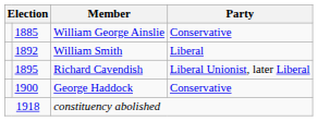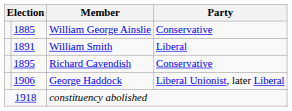 <table class="wikitable">
 <tr>
 <th colspan="2">Election</th>
 <th>Member</th>
 <th>Party</th>
 </tr>
 <tr>
 <td style="color:inherit;background-color: "></td>
 <td><a href='#'>1885</a></td>
 <td><a href='#'>William George Ainslie</a></td>
 <td><a href='#'>Conservative</a></td>
 </tr>
 <tr>
 <td style="color:inherit;background-color: "></td>
-<td><a href='#'>1892</a></td>
+<td><a href='#'>1891</a></td>
 <td><a href='#'>William Smith</a></td>
 <td><a href='#'>Liberal</a></td>
 </tr>
 <tr>
 <td style="color:inherit;background-color: "></td>
 <td><a href='#'>1895</a></td>
 <td><a href='#'>Richard Cavendish</a></td>
-<td><a href='#'>Liberal Unionist</a>, later <a href='#'>Liberal</a></td>
+<td><a href='#'>Conservative</a></td>
 </tr>
 <tr>
 <td style="color:inherit;background-color: "></td>
-<td><a href='#'>1900</a></td>
+<td><a href='#'>1906</a></td>
 <td><a href='#'>George Haddock</a></td>
-<td><a href='#'>Conservative</a></td>
+<td><a href='#'>Liberal Unionist</a>, later <a href='#'>Liberal</a></td>
 </tr>
 <tr>
 <td colspan="2" align="center"><a href='#'>1918</a></td>
 <td colspan="2"><em>constituency abolished</em></td>
 </tr>
 </table>
